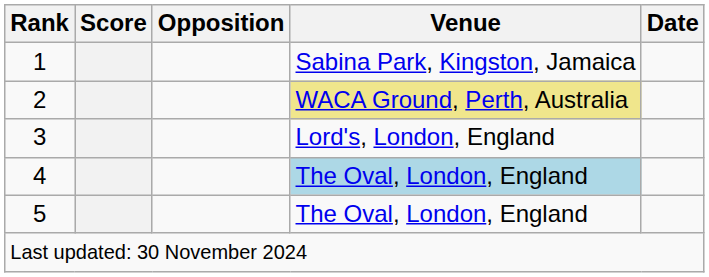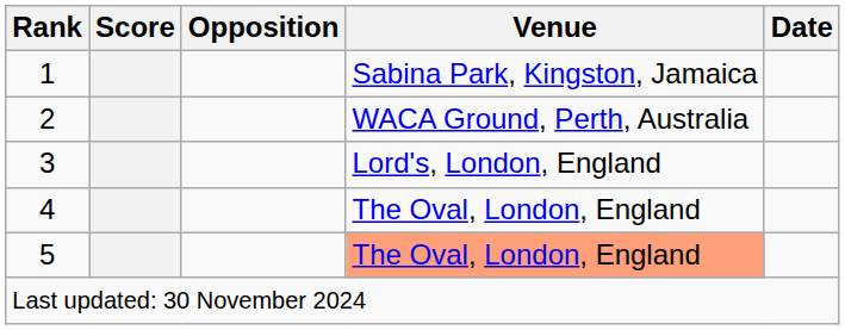 <table class="wikitable plainrowheaders sortable">
 <tr>
 <th scope=col>Rank</th>
 <th scope=col>Score</th>
 <th scope=col>Opposition</th>
 <th scope=col>Venue</th>
 <th scope=col>Date</th>
 </tr>
 <tr>
 <td align=center>1</td>
 <th scope=row style=text-align:center;></th>
 <td></td>
 <td><a href='#'>Sabina Park</a>, <a href='#'>Kingston</a>, Jamaica</td>
 <td><a href='#'></a></td>
 </tr>
 <tr>
 <td align=center>2</td>
 <th scope=row style=text-align:center;></th>
 <td></td>
-<td style="background: khaki;"><a href='#'>WACA Ground</a>, <a href='#'>Perth</a>, Australia</td>
+<td><a href='#'>WACA Ground</a>, <a href='#'>Perth</a>, Australia</td>
 <td><a href='#'></a></td>
 </tr>
 <tr>
 <td align=center>3</td>
 <th scope=row style=text-align:center;></th>
 <td></td>
 <td><a href='#'>Lord's</a>, <a href='#'>London</a>, England</td>
 <td><a href='#'></a></td>
 </tr>
 <tr>
 <td align=center>4</td>
 <th scope=row style=text-align:center;></th>
 <td></td>
-<td style="background: lightblue;"><a href='#'>The Oval</a>, <a href='#'>London</a>, England</td>
+<td><a href='#'>The Oval</a>, <a href='#'>London</a>, England</td>
 <td><a href='#'></a></td>
 </tr>
 <tr>
 <td align=center>5</td>
 <th scope=row style=text-align:center;></th>
 <td></td>
-<td><a href='#'>The Oval</a>, <a href='#'>London</a>, England</td>
+<td style="background: lightsalmon;"><a href='#'>The Oval</a>, <a href='#'>London</a>, England</td>
 <td><a href='#'></a></td>
 </tr>
 <tr class=sortbottom>
 <td colspan=5><small>Last updated: 30 November 2024</small></td>
 </tr>
 </table>
